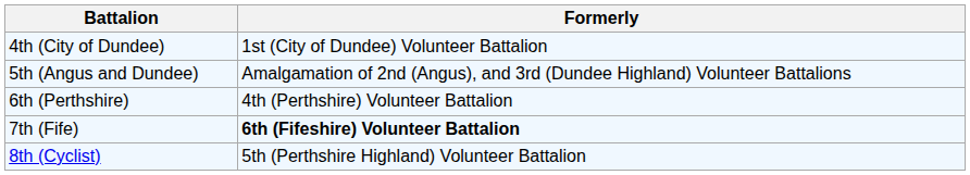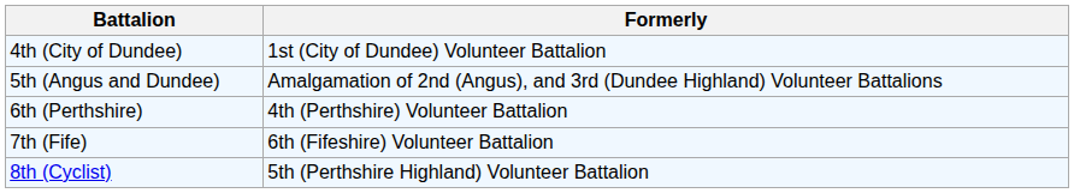 <table class="wikitable" style="width:100%;">
 <tr>
 <th>Battalion</th>
 <th>Formerly</th>
 </tr>
 <tr style="background:#f0f8ff;">
 <td>4th (City of Dundee)</td>
 <td>1st (City of Dundee) Volunteer Battalion</td>
 </tr>
 <tr style="background:#f0f8ff;">
 <td>5th (Angus and Dundee)</td>
 <td>Amalgamation of 2nd (Angus), and 3rd (Dundee Highland) Volunteer Battalions</td>
 </tr>
 <tr style="background:#f0f8ff;">
 <td>6th (Perthshire)</td>
 <td>4th (Perthshire) Volunteer Battalion</td>
 </tr>
 <tr style="background:#f0f8ff;">
 <td>7th (Fife)</td>
-<td><strong>6th (Fifeshire) Volunteer Battalion</strong></td>
+<td>6th (Fifeshire) Volunteer Battalion</td>
 </tr>
 <tr style="background:#f0f8ff;">
 <td><a href='#'>8th (Cyclist)</a></td>
 <td>5th (Perthshire Highland) Volunteer Battalion</td>
 </tr>
 </table>
